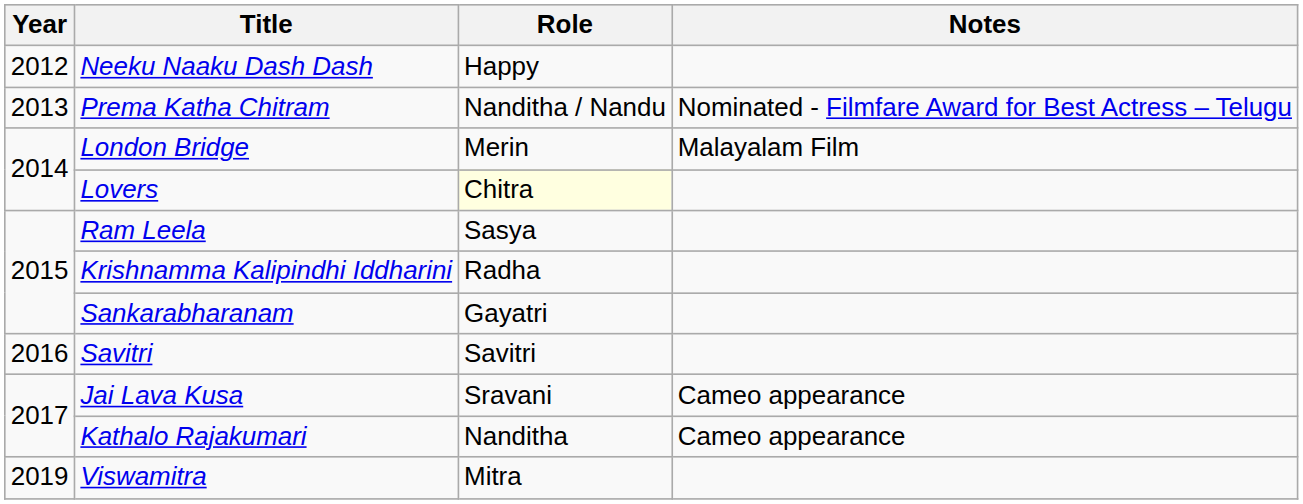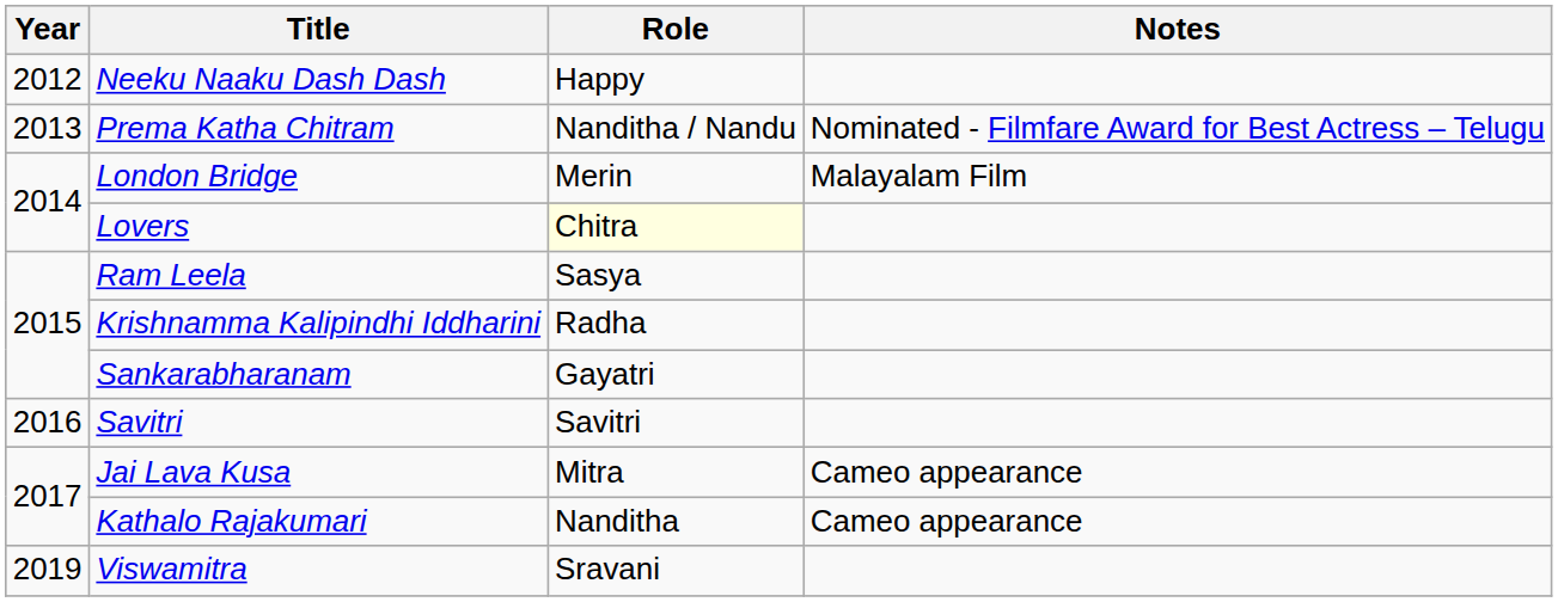 <table class="wikitable sortable">
 <tr>
 <th>Year</th>
 <th>Title</th>
 <th>Role</th>
 <th>Notes</th>
 </tr>
 <tr>
 <td>2012</td>
 <td><em><a href='#'>Neeku Naaku Dash Dash</a></em></td>
 <td>Happy</td>
 <td></td>
 </tr>
 <tr>
 <td>2013</td>
 <td><em><a href='#'>Prema Katha Chitram</a></em></td>
 <td>Nanditha / Nandu</td>
 <td>Nominated - <a href='#'>Filmfare Award for Best Actress – Telugu </a></td>
 </tr>
 <tr>
 <td rowspan="2">2014</td>
 <td><em><a href='#'>London Bridge</a></em></td>
 <td>Merin</td>
 <td>Malayalam Film</td>
 </tr>
 <tr>
 <td><em><a href='#'>Lovers</a></em></td>
 <td style="background: lightyellow;">Chitra</td>
 <td></td>
 </tr>
 <tr>
 <td rowspan="3">2015</td>
 <td><em><a href='#'>Ram Leela</a></em></td>
 <td>Sasya</td>
 <td></td>
 </tr>
 <tr>
 <td><em><a href='#'>Krishnamma Kalipindhi Iddharini</a></em></td>
 <td>Radha</td>
 <td></td>
 </tr>
 <tr>
 <td><em><a href='#'>Sankarabharanam</a></em></td>
 <td>Gayatri</td>
 <td></td>
 </tr>
 <tr>
 <td>2016</td>
 <td><em><a href='#'>Savitri</a></em></td>
 <td>Savitri</td>
 <td></td>
 </tr>
 <tr>
 <td rowspan=2>2017</td>
 <td><em><a href='#'>Jai Lava Kusa</a></em></td>
-<td>Sravani</td>
+<td>Mitra</td>
 <td>Cameo appearance</td>
 </tr>
 <tr>
 <td><em><a href='#'>Kathalo Rajakumari</a></em></td>
 <td>Nanditha</td>
 <td>Cameo appearance</td>
 </tr>
 <tr>
 <td rowspan=1>2019</td>
 <td><em><a href='#'>Viswamitra</a></em></td>
-<td>Mitra</td>
+<td>Sravani</td>
 <td></td>
 </tr>
 </table>
